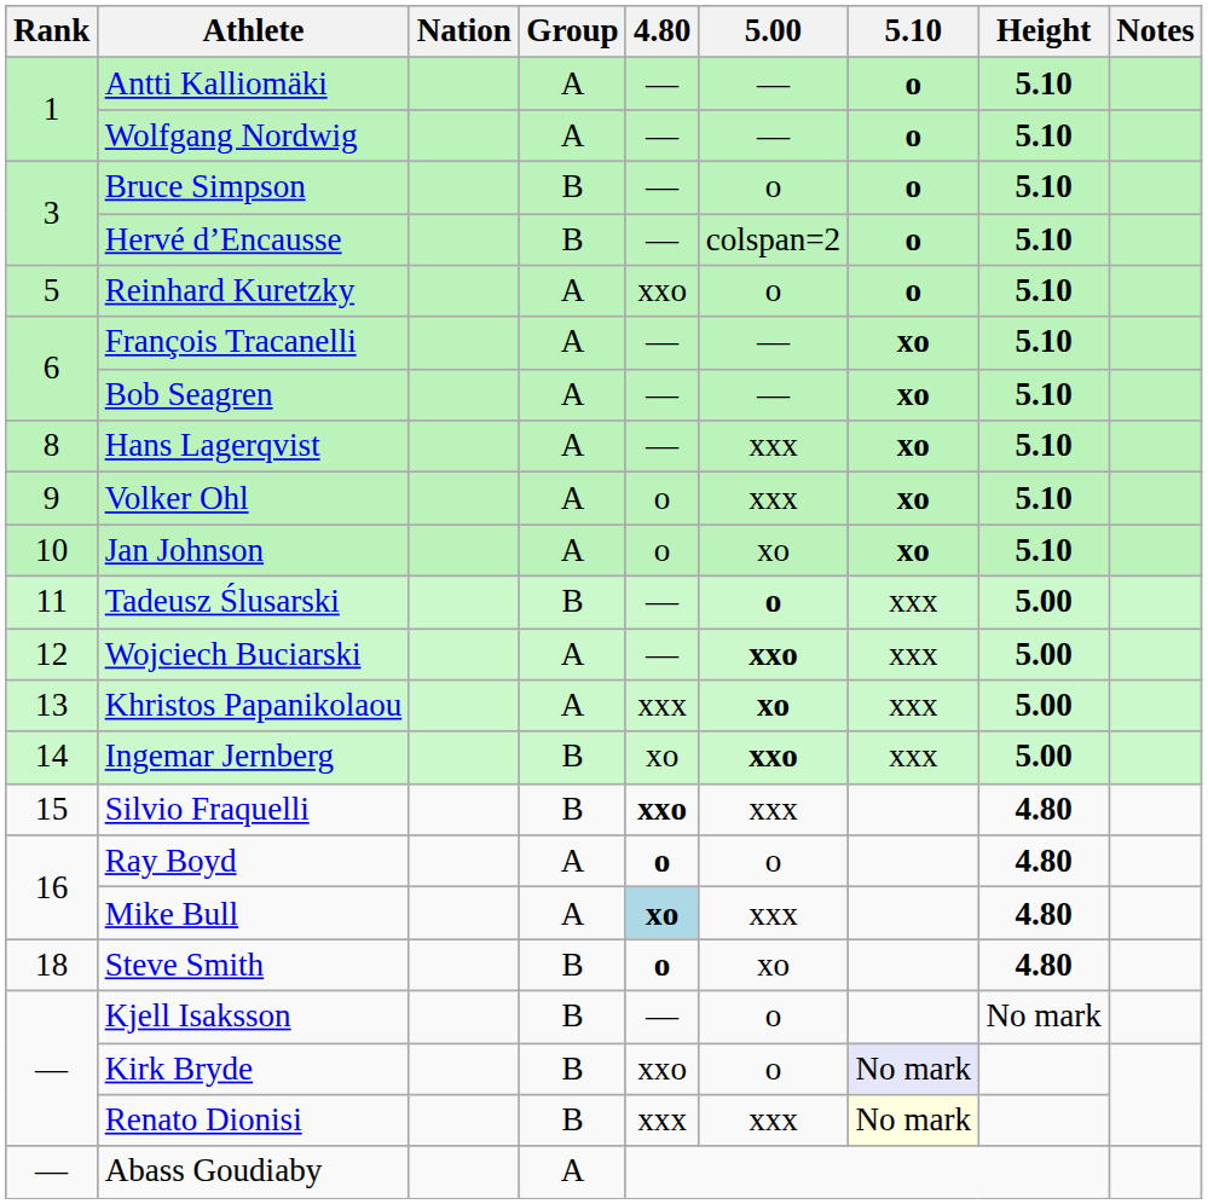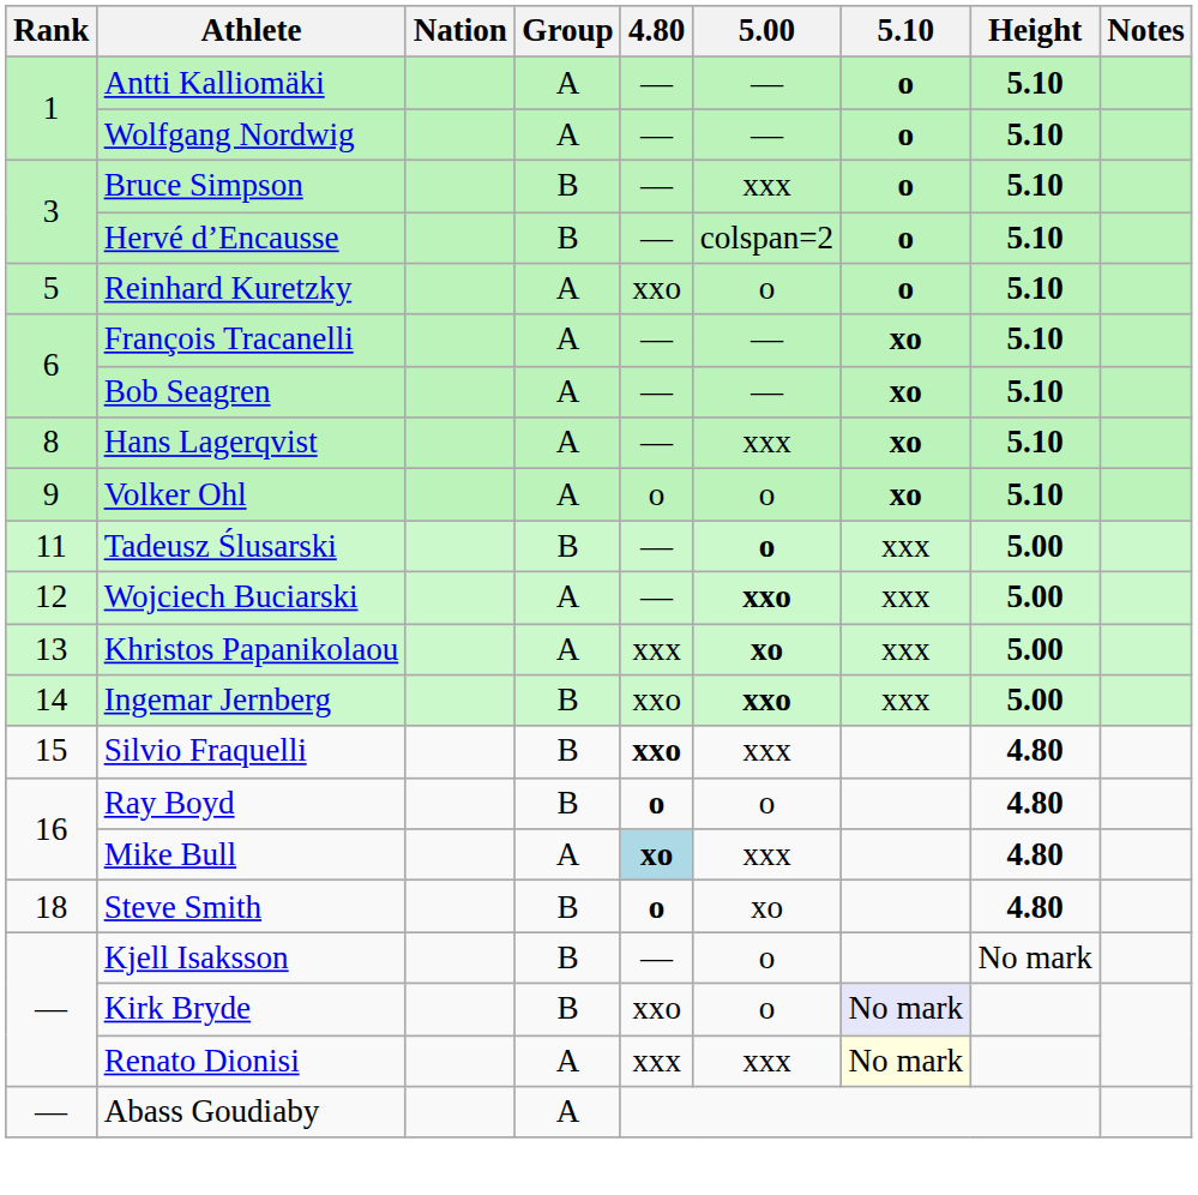 <table class="wikitable sortable" style="text-align:center">
 <tr>
 <th>Rank</th>
 <th>Athlete</th>
 <th>Nation</th>
 <th>Group</th>
 <th>4.80</th>
 <th>5.00</th>
 <th>5.10</th>
 <th>Height</th>
 <th>Notes</th>
 </tr>
 <tr bgcolor=bbf3bb>
 <td rowspan=2>1</td>
 <td align=left><a href='#'>Antti Kalliomäki</a></td>
 <td align=left></td>
 <td>A</td>
 <td>—</td>
 <td>—</td>
 <td><strong>o</strong></td>
 <td><strong>5.10</strong></td>
 <td></td>
 </tr>
 <tr bgcolor=bbf3bb>
 <td align=left><a href='#'>Wolfgang Nordwig</a></td>
 <td align=left></td>
 <td>A</td>
 <td>—</td>
 <td>—</td>
 <td><strong>o</strong></td>
 <td><strong>5.10</strong></td>
 <td></td>
 </tr>
 <tr bgcolor=bbf3bb>
 <td rowspan=2>3</td>
 <td align=left><a href='#'>Bruce Simpson</a></td>
 <td align=left></td>
 <td>B</td>
 <td>—</td>
-<td>o</td>
+<td>xxx</td>
 <td><strong>o</strong></td>
 <td><strong>5.10</strong></td>
 <td></td>
 </tr>
 <tr bgcolor=bbf3bb>
 <td align=left><a href='#'>Hervé d’Encausse</a></td>
 <td align=left></td>
 <td>B</td>
 <td>—</td>
 <td>colspan=2 </td>
 <td><strong>o</strong></td>
 <td><strong>5.10</strong></td>
 <td></td>
 </tr>
 <tr bgcolor=bbf3bb>
 <td>5</td>
 <td align=left><a href='#'>Reinhard Kuretzky</a></td>
 <td align=left></td>
 <td>A</td>
 <td>xxo</td>
 <td>o</td>
 <td><strong>o</strong></td>
 <td><strong>5.10</strong></td>
 <td></td>
 </tr>
 <tr bgcolor=bbf3bb>
 <td rowspan=2>6</td>
 <td align=left><a href='#'>François Tracanelli</a></td>
 <td align=left></td>
 <td>A</td>
 <td>—</td>
 <td>—</td>
 <td><strong>xo</strong></td>
 <td><strong>5.10</strong></td>
 <td></td>
 </tr>
 <tr bgcolor=bbf3bb>
 <td align=left><a href='#'>Bob Seagren</a></td>
 <td align=left></td>
 <td>A</td>
 <td>—</td>
 <td>—</td>
 <td><strong>xo</strong></td>
 <td><strong>5.10</strong></td>
 <td></td>
 </tr>
 <tr bgcolor=bbf3bb>
 <td>8</td>
 <td align=left><a href='#'>Hans Lagerqvist</a></td>
 <td align=left></td>
 <td>A</td>
 <td>—</td>
 <td>xxx</td>
 <td><strong>xo</strong></td>
 <td><strong>5.10</strong></td>
 <td></td>
 </tr>
 <tr bgcolor=bbf3bb>
 <td>9</td>
 <td align=left><a href='#'>Volker Ohl</a></td>
 <td align=left></td>
 <td>A</td>
 <td>o</td>
-<td>xxx</td>
-<td><strong>xo</strong></td>
-<td><strong>5.10</strong></td>
-<td></td>
-</tr>
-<tr bgcolor=bbf3bb>
-<td>10</td>
-<td align=left><a href='#'>Jan Johnson</a></td>
-<td align=left></td>
-<td>A</td>
 <td>o</td>
-<td>xo</td>
 <td><strong>xo</strong></td>
 <td><strong>5.10</strong></td>
 <td></td>
 </tr>
 <tr bgcolor=ccf9cc>
 <td>11</td>
 <td align=left><a href='#'>Tadeusz Ślusarski</a></td>
 <td align=left></td>
 <td>B</td>
 <td>—</td>
 <td><strong>o</strong></td>
 <td>xxx</td>
 <td><strong>5.00</strong></td>
 <td></td>
 </tr>
 <tr bgcolor=ccf9cc>
 <td>12</td>
 <td align=left><a href='#'>Wojciech Buciarski</a></td>
 <td align=left></td>
 <td>A</td>
 <td>—</td>
 <td><strong>xxo</strong></td>
 <td>xxx</td>
 <td><strong>5.00</strong></td>
 <td></td>
 </tr>
 <tr bgcolor=ccf9cc>
 <td>13</td>
 <td align=left><a href='#'>Khristos Papanikolaou</a></td>
 <td align=left></td>
 <td>A</td>
 <td>xxx</td>
 <td><strong>xo</strong></td>
 <td>xxx</td>
 <td><strong>5.00</strong></td>
 <td></td>
 </tr>
 <tr bgcolor=ccf9cc>
 <td>14</td>
 <td align=left><a href='#'>Ingemar Jernberg</a></td>
 <td align=left></td>
 <td>B</td>
-<td>xo</td>
+<td>xxo</td>
 <td><strong>xxo</strong></td>
 <td>xxx</td>
 <td><strong>5.00</strong></td>
 <td></td>
 </tr>
 <tr>
 <td>15</td>
 <td align=left><a href='#'>Silvio Fraquelli</a></td>
 <td align=left></td>
 <td>B</td>
 <td><strong>xxo</strong></td>
 <td>xxx</td>
 <td></td>
 <td><strong>4.80</strong></td>
 <td></td>
 </tr>
 <tr>
 <td rowspan=2>16</td>
 <td align=left><a href='#'>Ray Boyd</a></td>
 <td align=left></td>
-<td>A</td>
+<td>B</td>
 <td><strong>o</strong></td>
 <td>o</td>
 <td></td>
 <td><strong>4.80</strong></td>
 <td></td>
 </tr>
 <tr>
 <td align=left><a href='#'>Mike Bull</a></td>
 <td align=left></td>
 <td>A</td>
 <td style="background: lightblue;"><strong>xo</strong></td>
 <td>xxx</td>
 <td></td>
 <td><strong>4.80</strong></td>
 <td></td>
 </tr>
 <tr>
 <td>18</td>
 <td align=left><a href='#'>Steve Smith</a></td>
 <td align=left></td>
 <td>B</td>
 <td><strong>o</strong></td>
 <td>xo</td>
 <td></td>
 <td><strong>4.80</strong></td>
 <td></td>
 </tr>
 <tr>
 <td rowspan=3 data-sort-value=19>—</td>
 <td align=left><a href='#'>Kjell Isaksson</a></td>
 <td align=left></td>
 <td>B</td>
 <td>—</td>
 <td>o</td>
 <td></td>
 <td data-sort-value=1.00>No mark</td>
 <td></td>
 </tr>
 <tr>
 <td align=left><a href='#'>Kirk Bryde</a></td>
 <td align=left></td>
 <td>B</td>
 <td>xxo</td>
 <td>o</td>
 <td data-sort-value=1.00 style="background: lavender;">No mark</td>
 <td></td>
 </tr>
 <tr>
 <td align=left><a href='#'>Renato Dionisi</a></td>
 <td align=left></td>
-<td>B</td>
+<td>A</td>
 <td>xxx</td>
 <td>xxx</td>
 <td data-sort-value=1.00 style="background: lightyellow;">No mark</td>
 <td></td>
 </tr>
 <tr>
 <td data-sort-value=22>—</td>
 <td align=left>Abass Goudiaby</td>
 <td align=left></td>
 <td>A</td>
 <td colspan=4 data-sort-value=0.00></td>
 <td></td>
 </tr>
 </table>
